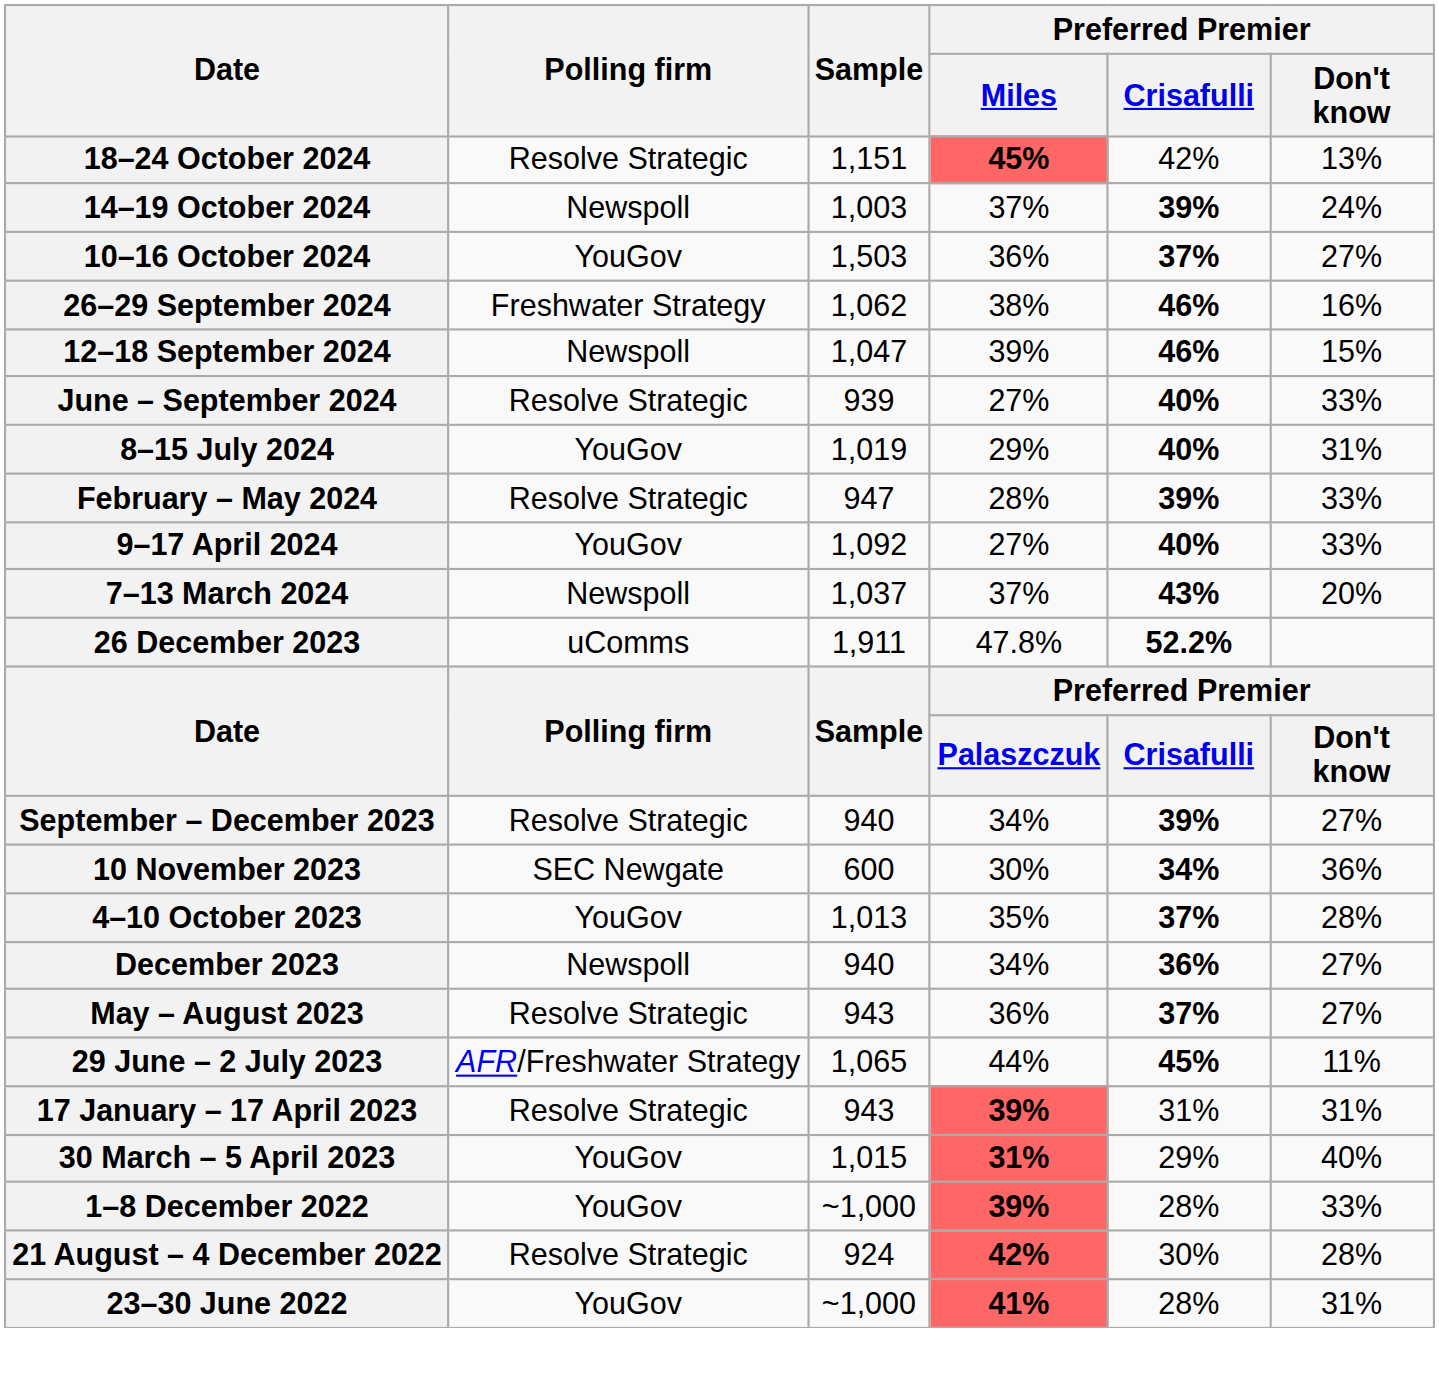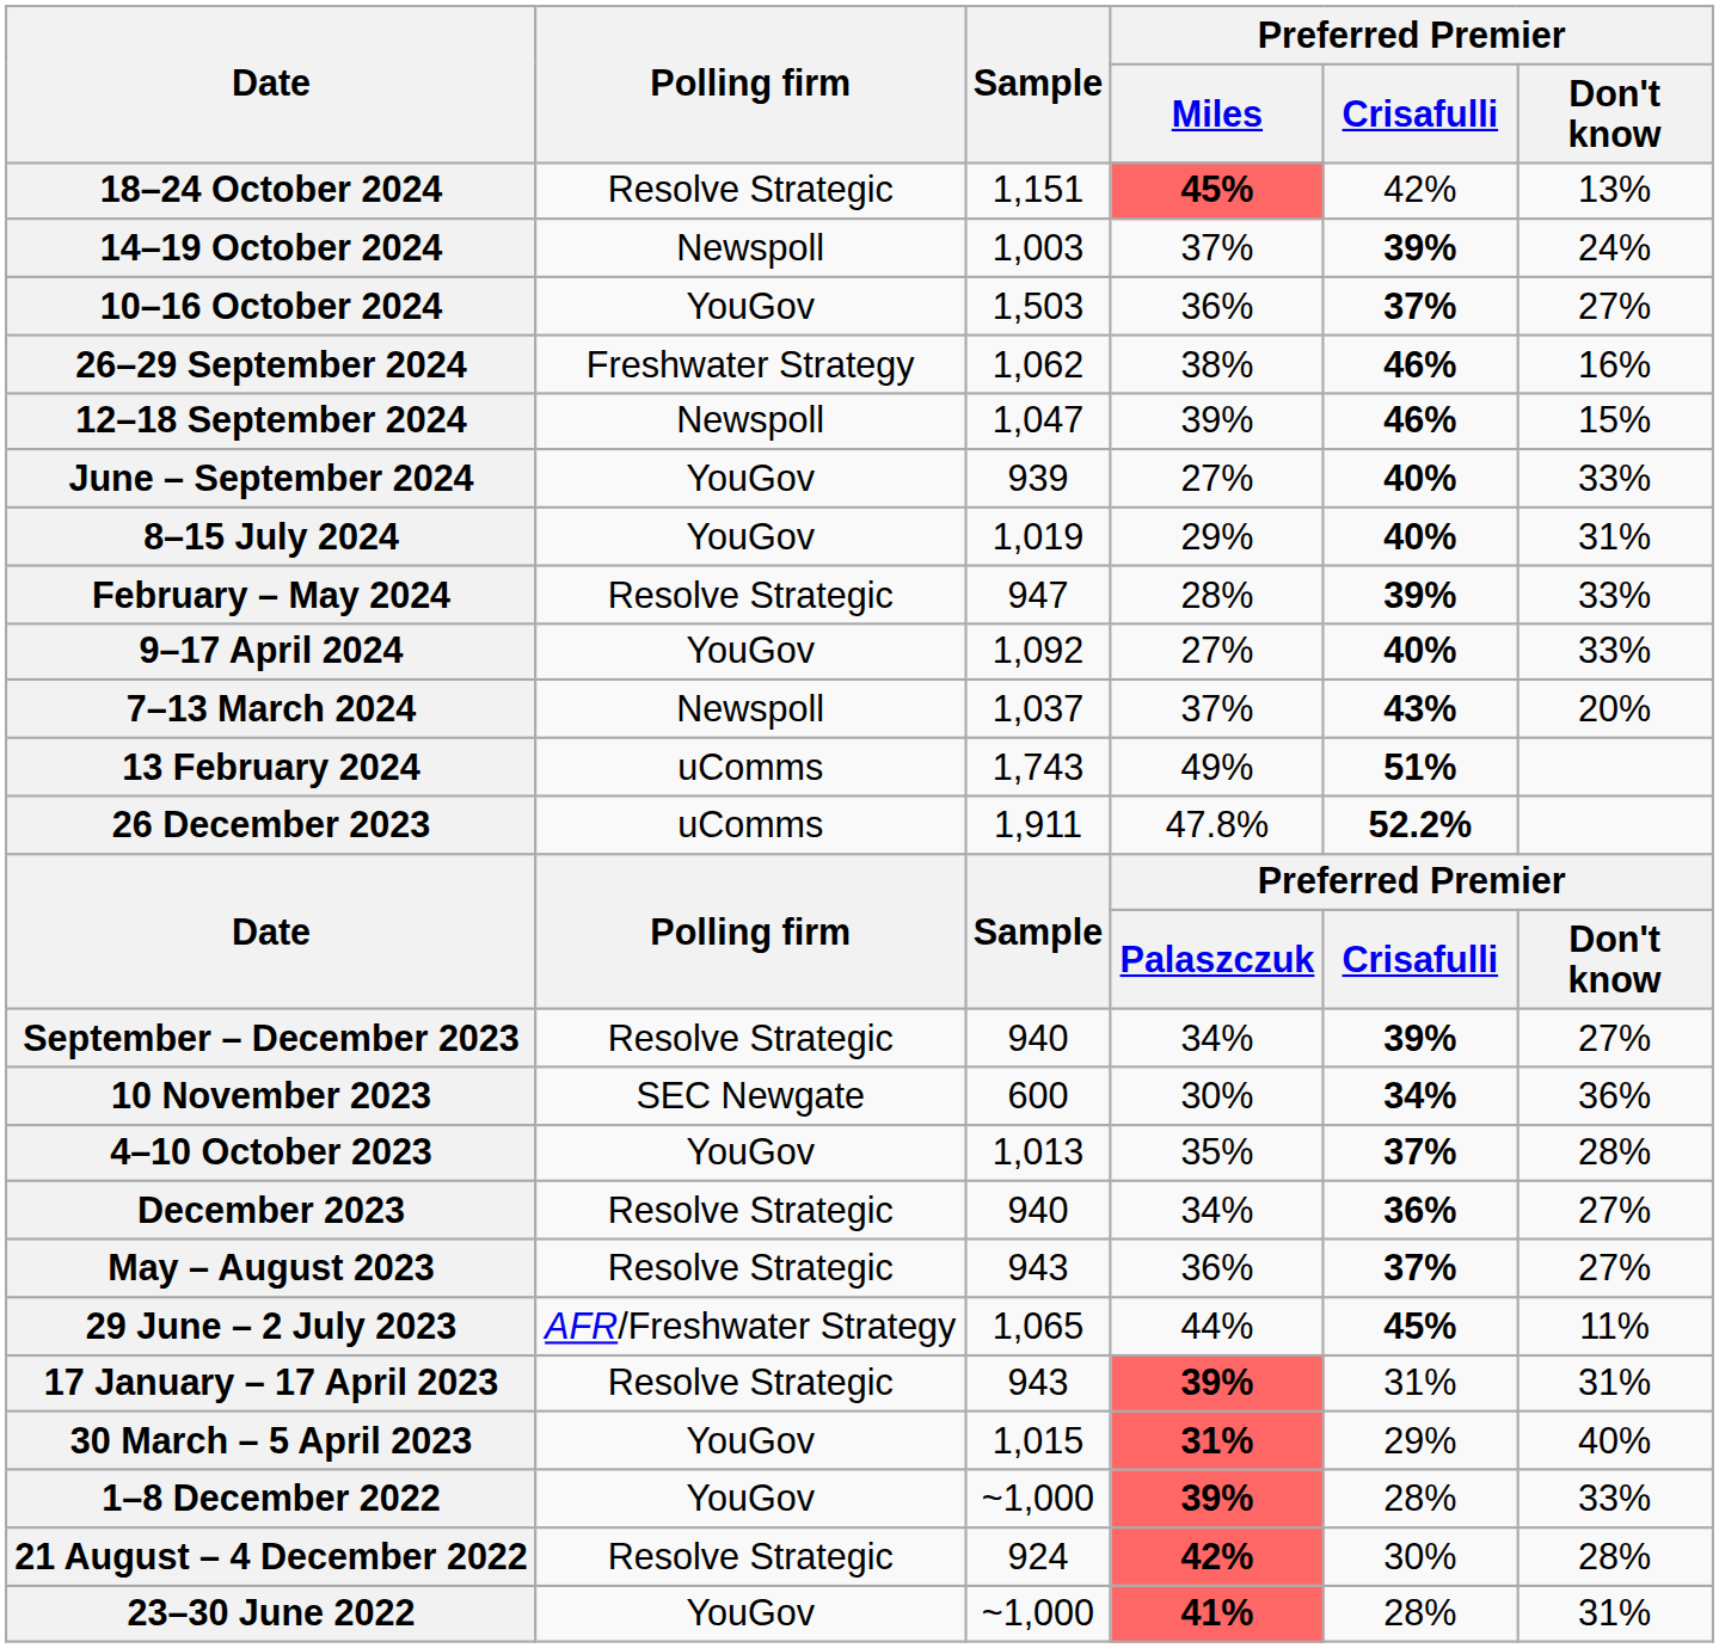 <table class="nowrap wikitable tpl-blanktable" style=text-align:center;font-size:90%>
 <tr>
 <th rowspan=2>Date</th>
 <th rowspan=2>Polling firm</th>
 <th rowspan=2 style=max-width:5em>Sample</th>
 <th colspan=3>Preferred Premier</th>
 </tr>
 <tr>
 <th width=70px><a href='#'>Miles</a></th>
 <th width=70px><a href='#'>Crisafulli</a></th>
 <th width=70px>Don't know</th>
 </tr>
 <tr>
 <th>18–24 October 2024</th>
 <td>Resolve Strategic</td>
 <td>1,151</td>
 <td style=background:#f66><strong>45%</strong></td>
 <td>42%</td>
 <td>13%</td>
 </tr>
 <tr>
 <th>14–19 October 2024</th>
 <td>Newspoll</td>
 <td>1,003</td>
 <td>37%</td>
 <td><strong>39%</strong></td>
 <td>24%</td>
 </tr>
 <tr>
 <th>10–16 October 2024</th>
 <td>YouGov</td>
 <td>1,503</td>
 <td>36%</td>
 <td><strong>37%</strong></td>
 <td>27%</td>
 </tr>
 <tr>
 <th>26–29 September 2024</th>
 <td>Freshwater Strategy</td>
 <td>1,062</td>
 <td>38%</td>
 <td><strong>46%</strong></td>
 <td>16%</td>
 </tr>
 <tr>
 <th>12–18 September 2024</th>
 <td>Newspoll</td>
 <td>1,047</td>
 <td>39%</td>
 <td><strong>46%</strong></td>
 <td>15%</td>
 </tr>
 <tr>
 <th>June – September 2024</th>
-<td>Resolve Strategic</td>
+<td style="text-align:center">YouGov</td>
 <td>939</td>
 <td>27%</td>
 <td><strong>40%</strong></td>
 <td>33%</td>
 </tr>
 <tr>
 <th>8–15 July 2024</th>
 <td>YouGov</td>
 <td>1,019</td>
 <td>29%</td>
 <td><strong>40%</strong></td>
 <td>31%</td>
 </tr>
 <tr>
 <th>February – May 2024</th>
 <td>Resolve Strategic</td>
 <td>947</td>
 <td>28%</td>
 <td><strong>39%</strong></td>
 <td>33%</td>
 </tr>
 <tr>
 <th>9–17 April 2024</th>
 <td>YouGov</td>
 <td>1,092</td>
 <td>27%</td>
 <td><strong>40%</strong></td>
 <td>33%</td>
 </tr>
 <tr>
 <th>7–13 March 2024</th>
 <td>Newspoll</td>
 <td>1,037</td>
 <td>37%</td>
 <td><strong>43%</strong></td>
 <td>20%</td>
+</tr>
+<tr>
+<th>13 February 2024</th>
+<td>uComms</td>
+<td>1,743</td>
+<td>49%</td>
+<td><strong>51%</strong></td>
+<td></td>
 </tr>
 <tr>
 <th>26 December 2023</th>
 <td>uComms</td>
 <td>1,911</td>
 <td>47.8%</td>
 <td><strong>52.2%</strong></td>
 <td></td>
 </tr>
 <tr>
 <th rowspan=2>Date</th>
 <th rowspan=2>Polling firm</th>
 <th rowspan=2 style=max-width:5em>Sample</th>
 <th colspan=3>Preferred Premier</th>
 </tr>
 <tr>
 <th width=70px><a href='#'>Palaszczuk</a></th>
 <th width=70px><a href='#'>Crisafulli</a></th>
 <th width=70px>Don't know</th>
 </tr>
 <tr>
 <th>September – December 2023</th>
 <td>Resolve Strategic</td>
 <td>940</td>
 <td>34%</td>
 <td><strong>39%</strong></td>
 <td>27%</td>
 </tr>
 <tr>
 <th>10 November 2023</th>
 <td>SEC Newgate</td>
 <td>600</td>
 <td>30%</td>
 <td><strong>34%</strong></td>
 <td>36%</td>
 </tr>
 <tr>
 <th>4–10 October 2023</th>
 <td>YouGov</td>
 <td>1,013</td>
 <td>35%</td>
 <td><strong>37%</strong></td>
 <td>28%</td>
 </tr>
 <tr>
 <th>December 2023</th>
-<td>Newspoll</td>
+<td>Resolve Strategic</td>
 <td>940</td>
 <td>34%</td>
 <td><strong>36%</strong></td>
 <td>27%</td>
 </tr>
 <tr>
 <th>May – August 2023</th>
 <td>Resolve Strategic</td>
 <td>943</td>
 <td>36%</td>
 <td><strong>37%</strong></td>
 <td>27%</td>
 </tr>
 <tr>
 <th>29 June – 2 July 2023</th>
 <td style="text-align:center"><em><a href='#'>AFR</a></em>/Freshwater Strategy</td>
 <td>1,065</td>
 <td>44%</td>
 <td><strong>45%</strong></td>
 <td>11%</td>
 </tr>
 <tr>
 <th style="text-align:center">17 January – 17 April 2023</th>
 <td style="text-align:center">Resolve Strategic</td>
 <td style="text-align:center">943</td>
 <td style=background:#f66><strong>39%</strong></td>
 <td>31%</td>
 <td>31%</td>
 </tr>
 <tr>
 <th style=text-align:center>30 March – 5 April 2023</th>
 <td style="text-align:center">YouGov</td>
 <td>1,015</td>
 <td style=background:#f66><strong>31%</strong></td>
 <td>29%</td>
 <td>40%</td>
 </tr>
 <tr>
 <th style=text-align:center>1–8 December 2022</th>
 <td style="text-align:center">YouGov</td>
 <td>~1,000</td>
 <td style=background:#f66><strong>39%</strong></td>
 <td>28%</td>
 <td>33%</td>
 </tr>
 <tr>
 <th style=text-align:center>21 August – 4 December 2022</th>
 <td style="text-align:center">Resolve Strategic</td>
 <td>924</td>
 <td style=background:#f66><strong>42%</strong></td>
 <td>30%</td>
 <td>28%</td>
 </tr>
 <tr>
 <th style=text-align:center>23–30 June 2022</th>
 <td style="text-align:center">YouGov</td>
 <td>~1,000</td>
 <td style=background:#f66><strong>41%</strong></td>
 <td>28%</td>
 <td>31%</td>
 </tr>
 </table>
